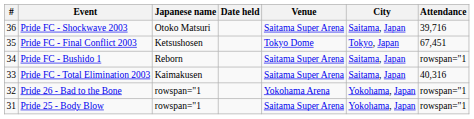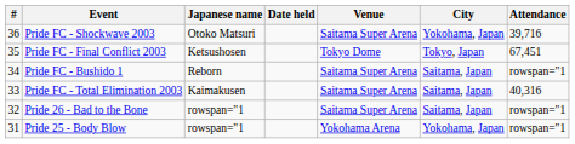 <table class="sortable wikitable succession-box" style="font-size:90%;">
 <tr>
 <th>#</th>
 <th>Event</th>
 <th>Japanese name</th>
 <th>Date held</th>
 <th>Venue</th>
 <th>City</th>
 <th>Attendance</th>
 </tr>
 <tr>
 <td style="text-align:center">36</td>
 <td><a href='#'>Pride FC - Shockwave 2003</a></td>
 <td>Otoko Matsuri</td>
 <td></td>
 <td><a href='#'>Saitama Super Arena</a></td>
-<td><a href='#'>Saitama</a>, <a href='#'>Japan</a></td>
+<td><a href='#'>Yokohama</a>, <a href='#'>Japan</a></td>
 <td>39,716</td>
 </tr>
 <tr>
 <td style="text-align:center">35</td>
 <td><a href='#'>Pride FC - Final Conflict 2003</a></td>
 <td>Ketsushosen</td>
 <td></td>
 <td><a href='#'>Tokyo Dome</a></td>
 <td><a href='#'>Tokyo</a>, <a href='#'>Japan</a></td>
 <td>67,451</td>
 </tr>
 <tr>
 <td style="text-align:center">34</td>
 <td><a href='#'>Pride FC - Bushido 1</a></td>
 <td>Reborn</td>
 <td></td>
 <td><a href='#'>Saitama Super Arena</a></td>
 <td><a href='#'>Saitama</a>, <a href='#'>Japan</a></td>
 <td>rowspan="1 </td>
 </tr>
 <tr>
 <td style="text-align:center">33</td>
 <td><a href='#'>Pride FC - Total Elimination 2003</a></td>
 <td>Kaimakusen</td>
 <td></td>
 <td><a href='#'>Saitama Super Arena</a></td>
 <td><a href='#'>Saitama</a>, <a href='#'>Japan</a></td>
 <td>40,316</td>
 </tr>
 <tr>
 <td style="text-align:center">32</td>
 <td><a href='#'>Pride 26 - Bad to the Bone</a></td>
 <td>rowspan="1 </td>
 <td></td>
-<td><a href='#'>Yokohama Arena</a></td>
-<td><a href='#'>Yokohama</a>, <a href='#'>Japan</a></td>
+<td><a href='#'>Saitama Super Arena</a></td>
+<td><a href='#'>Saitama</a>, <a href='#'>Japan</a></td>
 <td>rowspan="1 </td>
 </tr>
 <tr>
 <td style="text-align:center">31</td>
 <td><a href='#'>Pride 25 - Body Blow</a></td>
 <td>rowspan="1 </td>
 <td></td>
-<td><a href='#'>Saitama Super Arena</a></td>
+<td><a href='#'>Yokohama Arena</a></td>
 <td><a href='#'>Yokohama</a>, <a href='#'>Japan</a></td>
 <td>rowspan="1 </td>
 </tr>
 </table>
